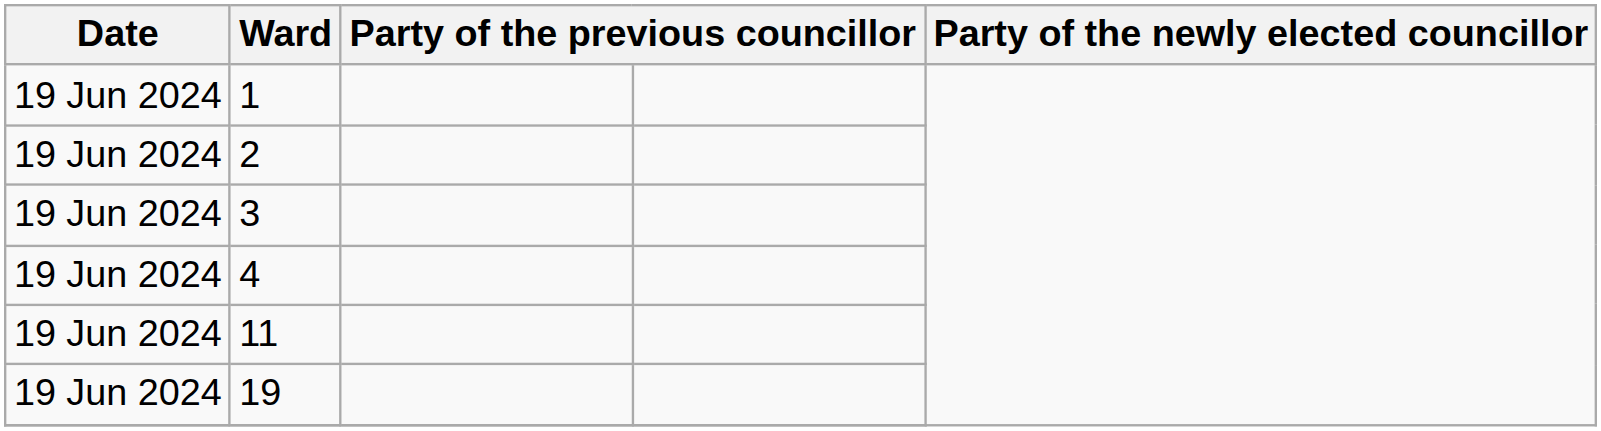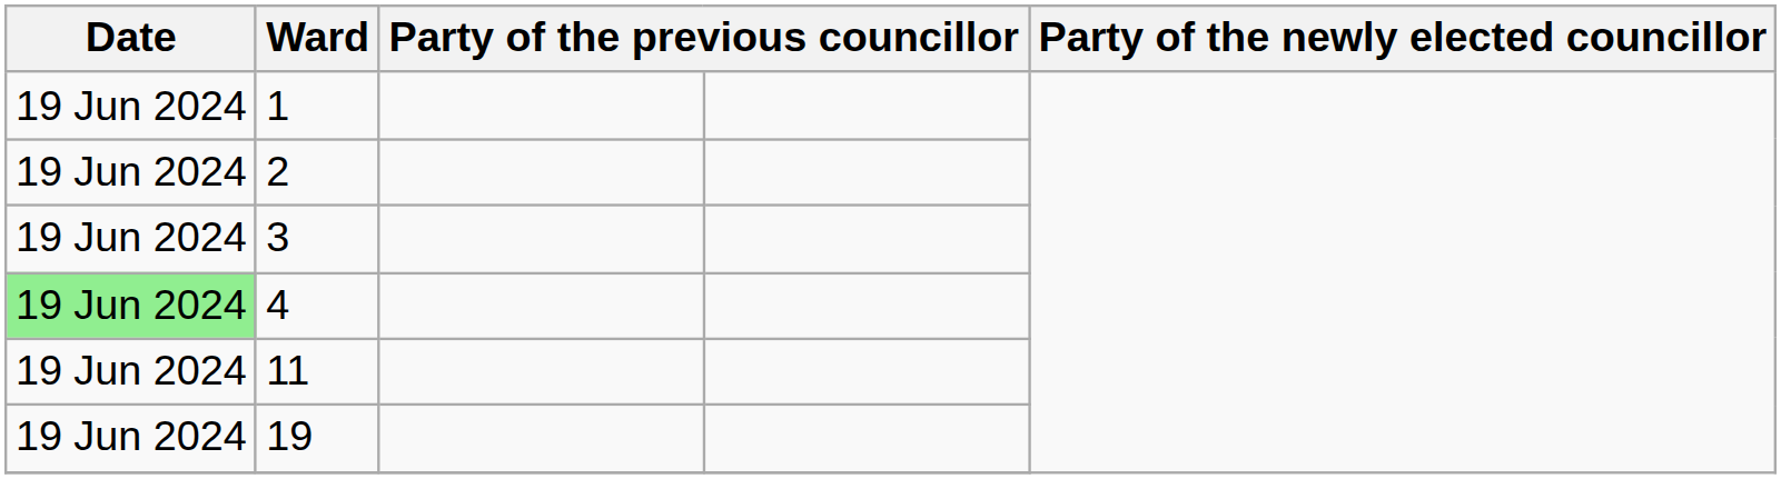 <table class="wikitable">
 <tr>
 <th>Date</th>
 <th>Ward</th>
 <th colspan=2>Party of the previous councillor</th>
 <th colspan=2>Party of the newly elected councillor</th>
 </tr>
 <tr>
 <td>19 Jun 2024</td>
 <td>1</td>
 <td></td>
 <td></td>
 </tr>
 <tr>
 <td>19 Jun 2024</td>
 <td>2</td>
 <td></td>
 <td></td>
 </tr>
 <tr>
 <td>19 Jun 2024</td>
 <td>3</td>
 <td></td>
 <td></td>
 </tr>
 <tr>
-<td>19 Jun 2024</td>
+<td style="background: lightgreen;">19 Jun 2024</td>
 <td>4</td>
 <td></td>
 <td></td>
 </tr>
 <tr>
 <td>19 Jun 2024</td>
 <td>11</td>
 <td></td>
 <td></td>
 </tr>
 <tr>
 <td>19 Jun 2024</td>
 <td>19</td>
 <td></td>
 <td></td>
 </tr>
 <tr>
 </tr>
 </table>
